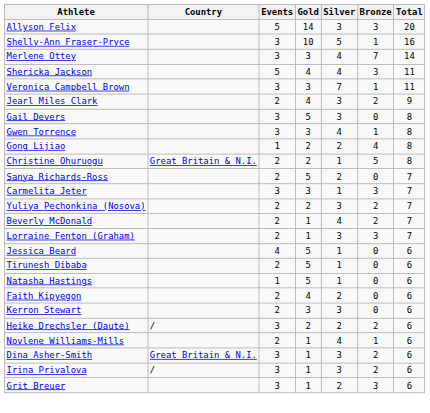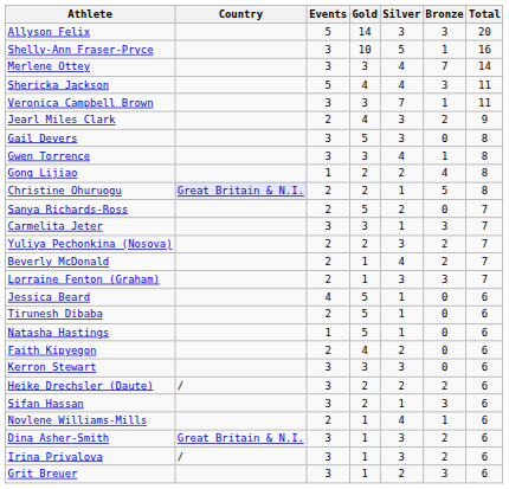 <table class="wikitable sortable" style="text-align:center; font-size:90%;">
 <tr>
 <th>Athlete</th>
 <th>Country</th>
 <th>Events</th>
 <th>Gold</th>
 <th>Silver</th>
 <th>Bronze</th>
 <th>Total</th>
 </tr>
 <tr>
 <td align=left><a href='#'>Allyson Felix</a></td>
 <td align=left></td>
 <td>5</td>
 <td>14</td>
 <td>3</td>
 <td>3</td>
 <td>20</td>
 </tr>
 <tr>
 <td align=left><a href='#'>Shelly-Ann Fraser-Pryce</a></td>
 <td align=left></td>
 <td>3</td>
 <td>10</td>
 <td>5</td>
 <td>1</td>
 <td>16</td>
 </tr>
 <tr>
 <td align=left><a href='#'>Merlene Ottey</a></td>
 <td align=left></td>
 <td>3</td>
 <td>3</td>
 <td>4</td>
 <td>7</td>
 <td>14</td>
 </tr>
 <tr>
 <td align=left><a href='#'>Shericka Jackson</a></td>
 <td align=left></td>
 <td>5</td>
 <td>4</td>
 <td>4</td>
 <td>3</td>
 <td>11</td>
 </tr>
 <tr>
 <td align=left><a href='#'>Veronica Campbell Brown</a></td>
 <td align=left></td>
 <td>3</td>
 <td>3</td>
 <td>7</td>
 <td>1</td>
 <td>11</td>
 </tr>
 <tr>
 <td align=left><a href='#'>Jearl Miles Clark</a></td>
 <td align=left></td>
 <td>2</td>
 <td>4</td>
 <td>3</td>
 <td>2</td>
 <td>9</td>
 </tr>
 <tr>
 <td align=left><a href='#'>Gail Devers</a></td>
 <td align=left></td>
 <td>3</td>
 <td>5</td>
 <td>3</td>
 <td>0</td>
 <td>8</td>
 </tr>
 <tr>
 <td align=left><a href='#'>Gwen Torrence</a></td>
 <td align=left></td>
 <td>3</td>
 <td>3</td>
 <td>4</td>
 <td>1</td>
 <td>8</td>
 </tr>
 <tr>
 <td align=left><a href='#'>Gong Lijiao</a></td>
 <td align=left></td>
 <td>1</td>
 <td>2</td>
 <td>2</td>
 <td>4</td>
 <td>8</td>
 </tr>
 <tr>
 <td align=left><a href='#'>Christine Ohuruogu</a></td>
-<td align=left> <a href='#'>Great Britain & N.I.</a></td>
+<td align=left style="background: lavender;"> <a href='#'>Great Britain & N.I.</a></td>
 <td>2</td>
 <td>2</td>
 <td>1</td>
 <td>5</td>
 <td>8</td>
 </tr>
 <tr>
 <td align=left><a href='#'>Sanya Richards-Ross</a></td>
 <td align=left></td>
 <td>2</td>
 <td>5</td>
 <td>2</td>
 <td>0</td>
 <td>7</td>
 </tr>
 <tr>
 <td align=left><a href='#'>Carmelita Jeter</a></td>
 <td align=left></td>
 <td>3</td>
 <td>3</td>
 <td>1</td>
 <td>3</td>
 <td>7</td>
 </tr>
 <tr>
 <td align=left><a href='#'>Yuliya Pechonkina (Nosova)</a></td>
 <td align=left></td>
 <td>2</td>
 <td>2</td>
 <td>3</td>
 <td>2</td>
 <td>7</td>
 </tr>
 <tr>
 <td align=left><a href='#'>Beverly McDonald</a></td>
 <td align=left></td>
 <td>2</td>
 <td>1</td>
 <td>4</td>
 <td>2</td>
 <td>7</td>
 </tr>
 <tr>
 <td align=left><a href='#'>Lorraine Fenton (Graham)</a></td>
 <td align=left></td>
 <td>2</td>
 <td>1</td>
 <td>3</td>
 <td>3</td>
 <td>7</td>
 </tr>
 <tr>
 <td align=left><a href='#'>Jessica Beard</a></td>
 <td align=left></td>
 <td>4</td>
 <td>5</td>
 <td>1</td>
 <td>0</td>
 <td>6</td>
 </tr>
 <tr>
 <td align=left><a href='#'>Tirunesh Dibaba</a></td>
 <td align=left></td>
 <td>2</td>
 <td>5</td>
 <td>1</td>
 <td>0</td>
 <td>6</td>
 </tr>
 <tr>
 <td align=left><a href='#'>Natasha Hastings</a></td>
 <td align=left></td>
 <td>1</td>
 <td>5</td>
 <td>1</td>
 <td>0</td>
 <td>6</td>
 </tr>
 <tr>
 <td align=left><a href='#'>Faith Kipyegon</a></td>
 <td align=left></td>
 <td>2</td>
 <td>4</td>
 <td>2</td>
 <td>0</td>
 <td>6</td>
 </tr>
 <tr>
 <td align=left><a href='#'>Kerron Stewart</a></td>
 <td align=left></td>
-<td>2</td>
+<td>3</td>
 <td>3</td>
 <td>3</td>
 <td>0</td>
 <td>6</td>
 </tr>
 <tr>
 <td align=left><a href='#'>Heike Drechsler (Daute)</a></td>
 <td align=left> /<br> </td>
 <td>3</td>
 <td>2</td>
 <td>2</td>
 <td>2</td>
+<td>6</td>
+</tr>
+<tr>
+<td align=left><a href='#'>Sifan Hassan</a></td>
+<td align=left></td>
+<td>3</td>
+<td>2</td>
+<td>1</td>
+<td>3</td>
 <td>6</td>
 </tr>
 <tr>
 <td align=left><a href='#'>Novlene Williams-Mills</a></td>
 <td align=left></td>
 <td>2</td>
 <td>1</td>
 <td>4</td>
 <td>1</td>
 <td>6</td>
 </tr>
 <tr>
 <td align=left><a href='#'>Dina Asher-Smith</a></td>
 <td align=left> <a href='#'>Great Britain & N.I.</a></td>
 <td>3</td>
 <td>1</td>
 <td>3</td>
 <td>2</td>
 <td>6</td>
 </tr>
 <tr>
 <td align=left><a href='#'>Irina Privalova</a></td>
 <td align=left> /<br> </td>
 <td>3</td>
 <td>1</td>
 <td>3</td>
 <td>2</td>
 <td>6</td>
 </tr>
 <tr>
 <td align=left><a href='#'>Grit Breuer</a></td>
 <td align=left></td>
 <td>3</td>
 <td>1</td>
 <td>2</td>
 <td>3</td>
 <td>6</td>
 </tr>
 </table>
